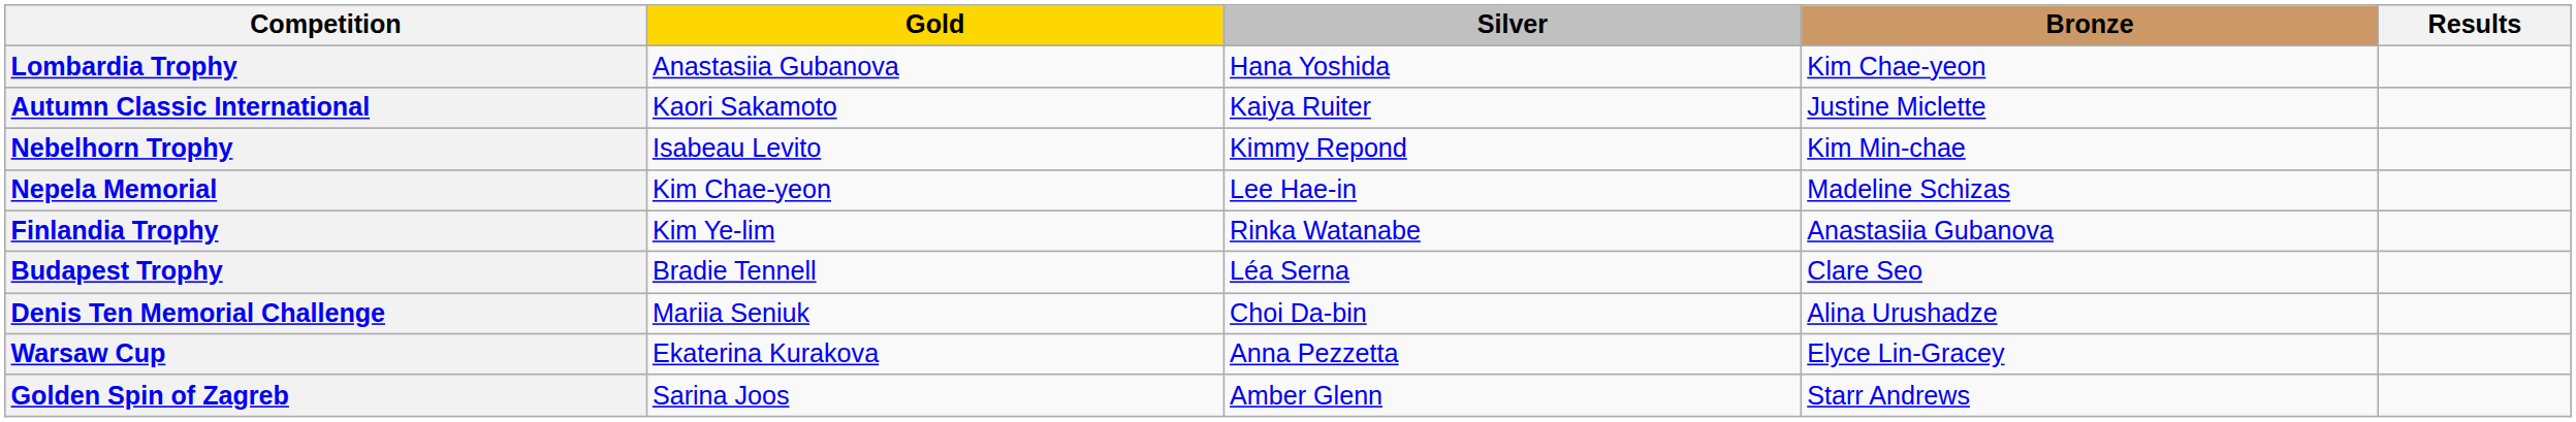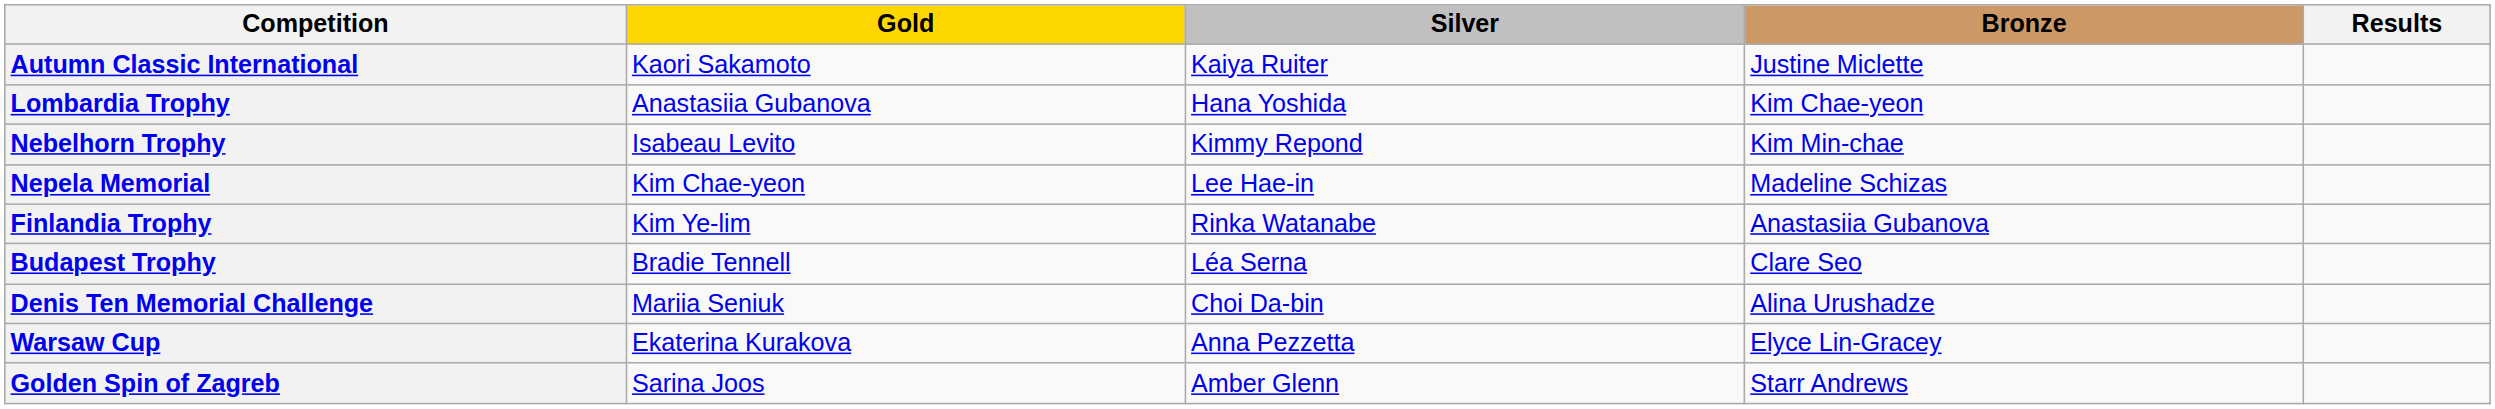 <table class="wikitable unsortable" style="text-align:left; width:100%;">
 <tr>
 <th scope="col" style="text-align:center; width:25%;">Competition</th>
 <td scope="col" style="text-align:center; width:22.5%; background:gold"><strong>Gold</strong></td>
 <td scope="col" style="text-align:center; width:22.5%; background:silver"><strong>Silver</strong></td>
 <td scope="col" style="text-align:center; width:22.5%; background:#c96"><strong>Bronze</strong></td>
 <th scope="col" style="text-align:center; width:7.5%;">Results</th>
 </tr>
 <tr>
+<th scope="row" style="text-align:left"> <a href='#'>Autumn Classic International</a></th>
+<td> <a href='#'>Kaori Sakamoto</a></td>
+<td> <a href='#'>Kaiya Ruiter</a></td>
+<td> <a href='#'>Justine Miclette</a></td>
+<td></td>
+</tr>
+<tr>
 <th scope="row" style="text-align:left"> <a href='#'>Lombardia Trophy</a></th>
 <td> <a href='#'>Anastasiia Gubanova</a></td>
 <td> <a href='#'>Hana Yoshida</a></td>
 <td> <a href='#'>Kim Chae-yeon</a></td>
-<td></td>
-</tr>
-<tr>
-<th scope="row" style="text-align:left"> <a href='#'>Autumn Classic International</a></th>
-<td> <a href='#'>Kaori Sakamoto</a></td>
-<td> <a href='#'>Kaiya Ruiter</a></td>
-<td> <a href='#'>Justine Miclette</a></td>
 <td></td>
 </tr>
 <tr>
 <th scope="row" style="text-align:left"> <a href='#'>Nebelhorn Trophy</a></th>
 <td> <a href='#'>Isabeau Levito</a></td>
 <td> <a href='#'>Kimmy Repond</a></td>
 <td> <a href='#'>Kim Min-chae</a></td>
 <td></td>
 </tr>
 <tr>
 <th scope="row" style="text-align:left"> <a href='#'>Nepela Memorial</a></th>
 <td> <a href='#'>Kim Chae-yeon</a></td>
 <td> <a href='#'>Lee Hae-in</a></td>
 <td> <a href='#'>Madeline Schizas</a></td>
 <td></td>
 </tr>
 <tr>
 <th scope="row" style="text-align:left"> <a href='#'>Finlandia Trophy</a></th>
 <td> <a href='#'>Kim Ye-lim</a></td>
 <td> <a href='#'>Rinka Watanabe</a></td>
 <td> <a href='#'>Anastasiia Gubanova</a></td>
 <td></td>
 </tr>
 <tr>
 <th scope="row" style="text-align:left"> <a href='#'>Budapest Trophy</a></th>
 <td> <a href='#'>Bradie Tennell</a></td>
 <td> <a href='#'>Léa Serna</a></td>
 <td> <a href='#'>Clare Seo</a></td>
 <td></td>
 </tr>
 <tr>
 <th scope="row" style="text-align:left"> <a href='#'>Denis Ten Memorial Challenge</a></th>
 <td> <a href='#'>Mariia Seniuk</a></td>
 <td> <a href='#'>Choi Da-bin</a></td>
 <td> <a href='#'>Alina Urushadze</a></td>
 <td></td>
 </tr>
 <tr>
 <th scope="row" style="text-align:left"> <a href='#'>Warsaw Cup</a></th>
 <td> <a href='#'>Ekaterina Kurakova</a></td>
 <td> <a href='#'>Anna Pezzetta</a></td>
 <td> <a href='#'>Elyce Lin-Gracey</a></td>
 <td></td>
 </tr>
 <tr>
 <th scope="row" style="text-align:left"> <a href='#'>Golden Spin of Zagreb</a></th>
 <td> <a href='#'>Sarina Joos</a></td>
 <td> <a href='#'>Amber Glenn</a></td>
 <td> <a href='#'>Starr Andrews</a></td>
 <td></td>
 </tr>
 </table>
